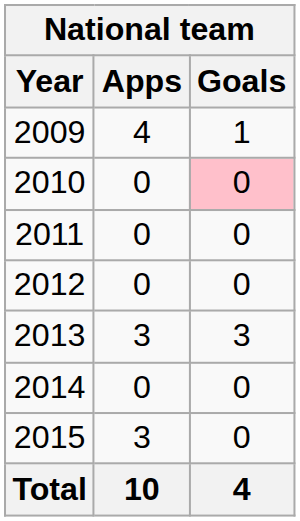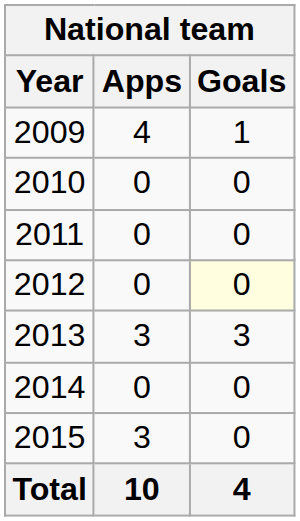 <table class="wikitable" style="text-align:center">
 <tr>
 <th colspan=3>National team</th>
 </tr>
 <tr>
 <th>Year</th>
 <th>Apps</th>
 <th>Goals</th>
 </tr>
 <tr>
 <td>2009</td>
 <td>4</td>
 <td>1</td>
 </tr>
 <tr>
 <td>2010</td>
 <td>0</td>
-<td style="background: pink;">0</td>
+<td>0</td>
 </tr>
 <tr>
 <td>2011</td>
 <td>0</td>
 <td>0</td>
 </tr>
 <tr>
 <td>2012</td>
 <td>0</td>
-<td>0</td>
+<td style="background: lightyellow;">0</td>
 </tr>
 <tr>
 <td>2013</td>
 <td>3</td>
 <td>3</td>
 </tr>
 <tr>
 <td>2014</td>
 <td>0</td>
 <td>0</td>
 </tr>
 <tr>
 <td>2015</td>
 <td>3</td>
 <td>0</td>
 </tr>
 <tr>
 <th>Total</th>
 <th>10</th>
 <th>4</th>
 </tr>
 </table>
